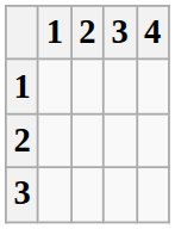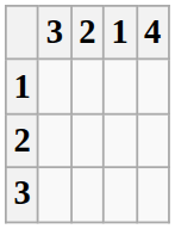 <table class="wikitable" style="font-size:100%;text-align:center;">
 <tr>
 <th></th>
+<th>3</th>
+<th>2</th>
 <th>1</th>
-<th>2</th>
-<th>3</th>
 <th>4</th>
 </tr>
 <tr>
 <th>1</th>
+<td></td>
+<td><br> </td>
 <td><br></td>
-<td><br> </td>
-<td></td>
 <td></td>
 </tr>
 <tr>
 <th>2</th>
+<td><br> </td>
 <td></td>
 <td></td>
-<td><br> </td>
 <td><br></td>
 </tr>
 <tr>
 <th>3</th>
 <td></td>
 <td></td>
 <td></td>
 <td></td>
 </tr>
 </table>
